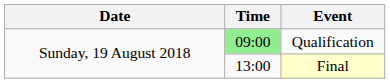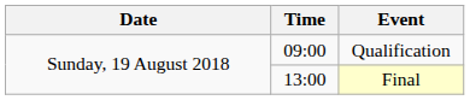 <table class = "wikitable" style="text-align:center;">
 <tr>
 <th width="220">Date</th>
 <th width="50">Time</th>
 <th width="100">Event</th>
 </tr>
 <tr>
 <td rowspan="2">Sunday, 19 August 2018</td>
-<td style="background: lightgreen;">09:00</td>
+<td>09:00</td>
 <td>Qualification</td>
 </tr>
 <tr>
 <td>13:00</td>
 <td bgcolor="ffffcc">Final</td>
 </tr>
 </table>
